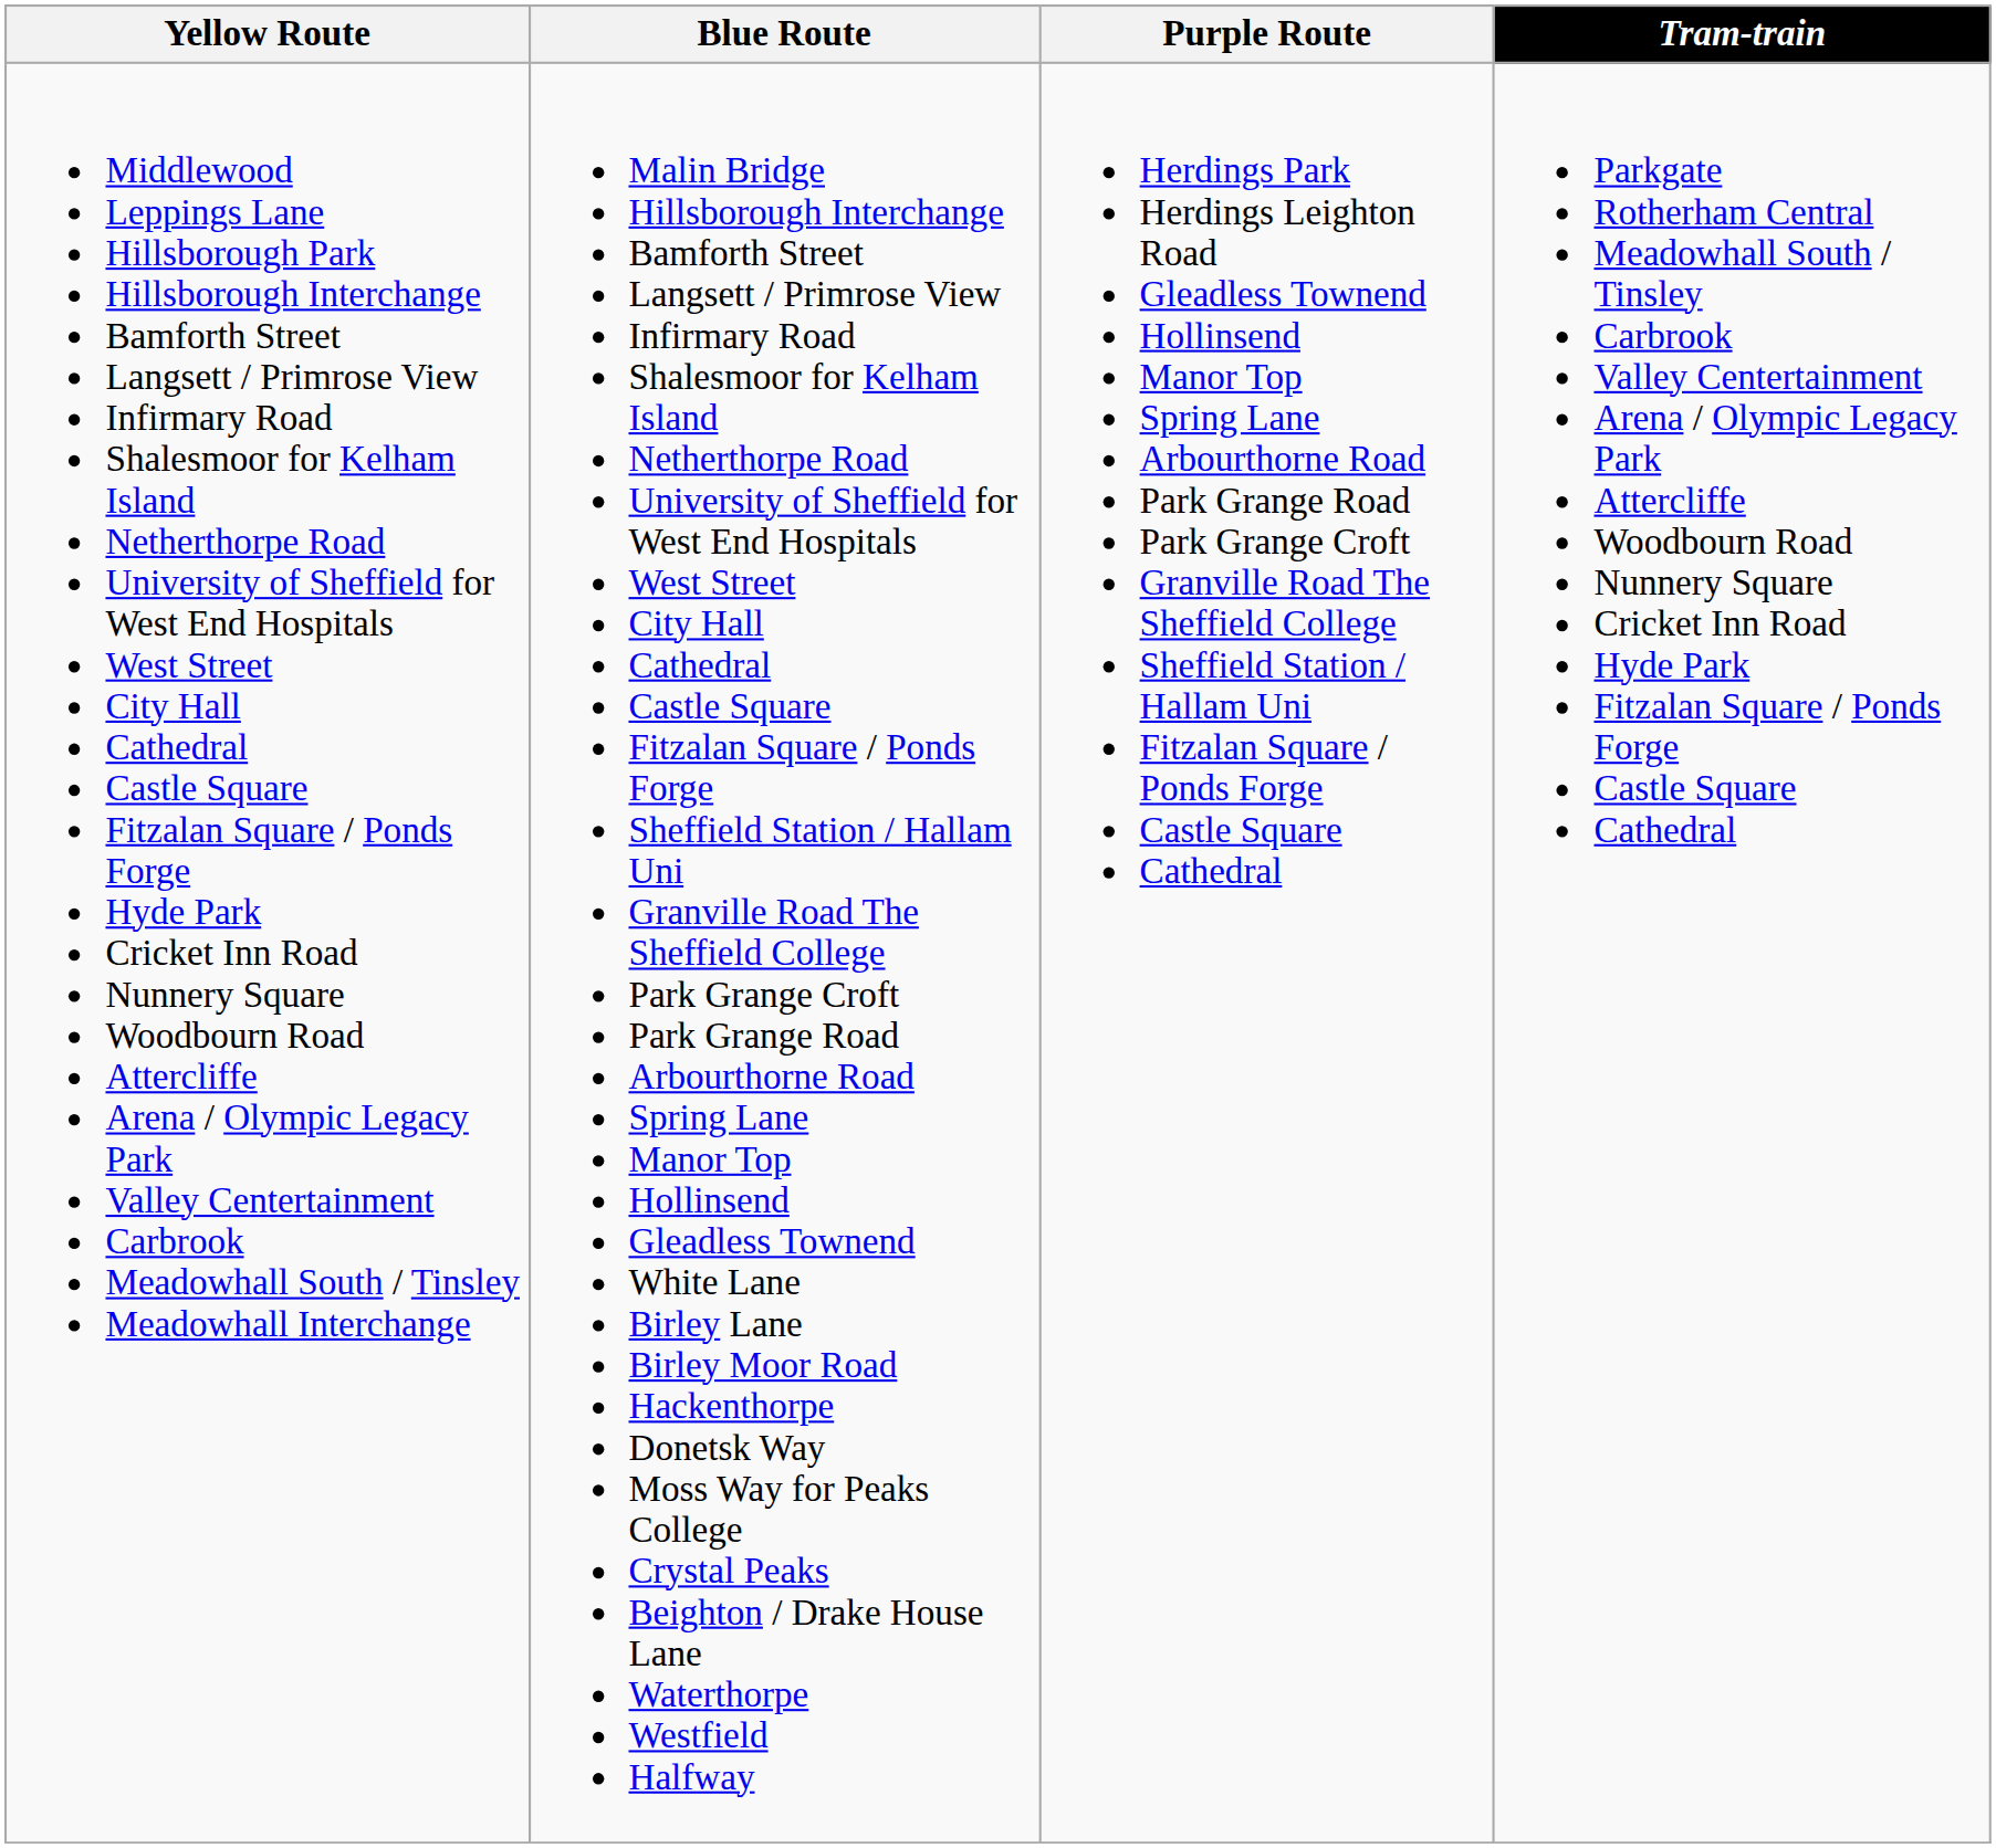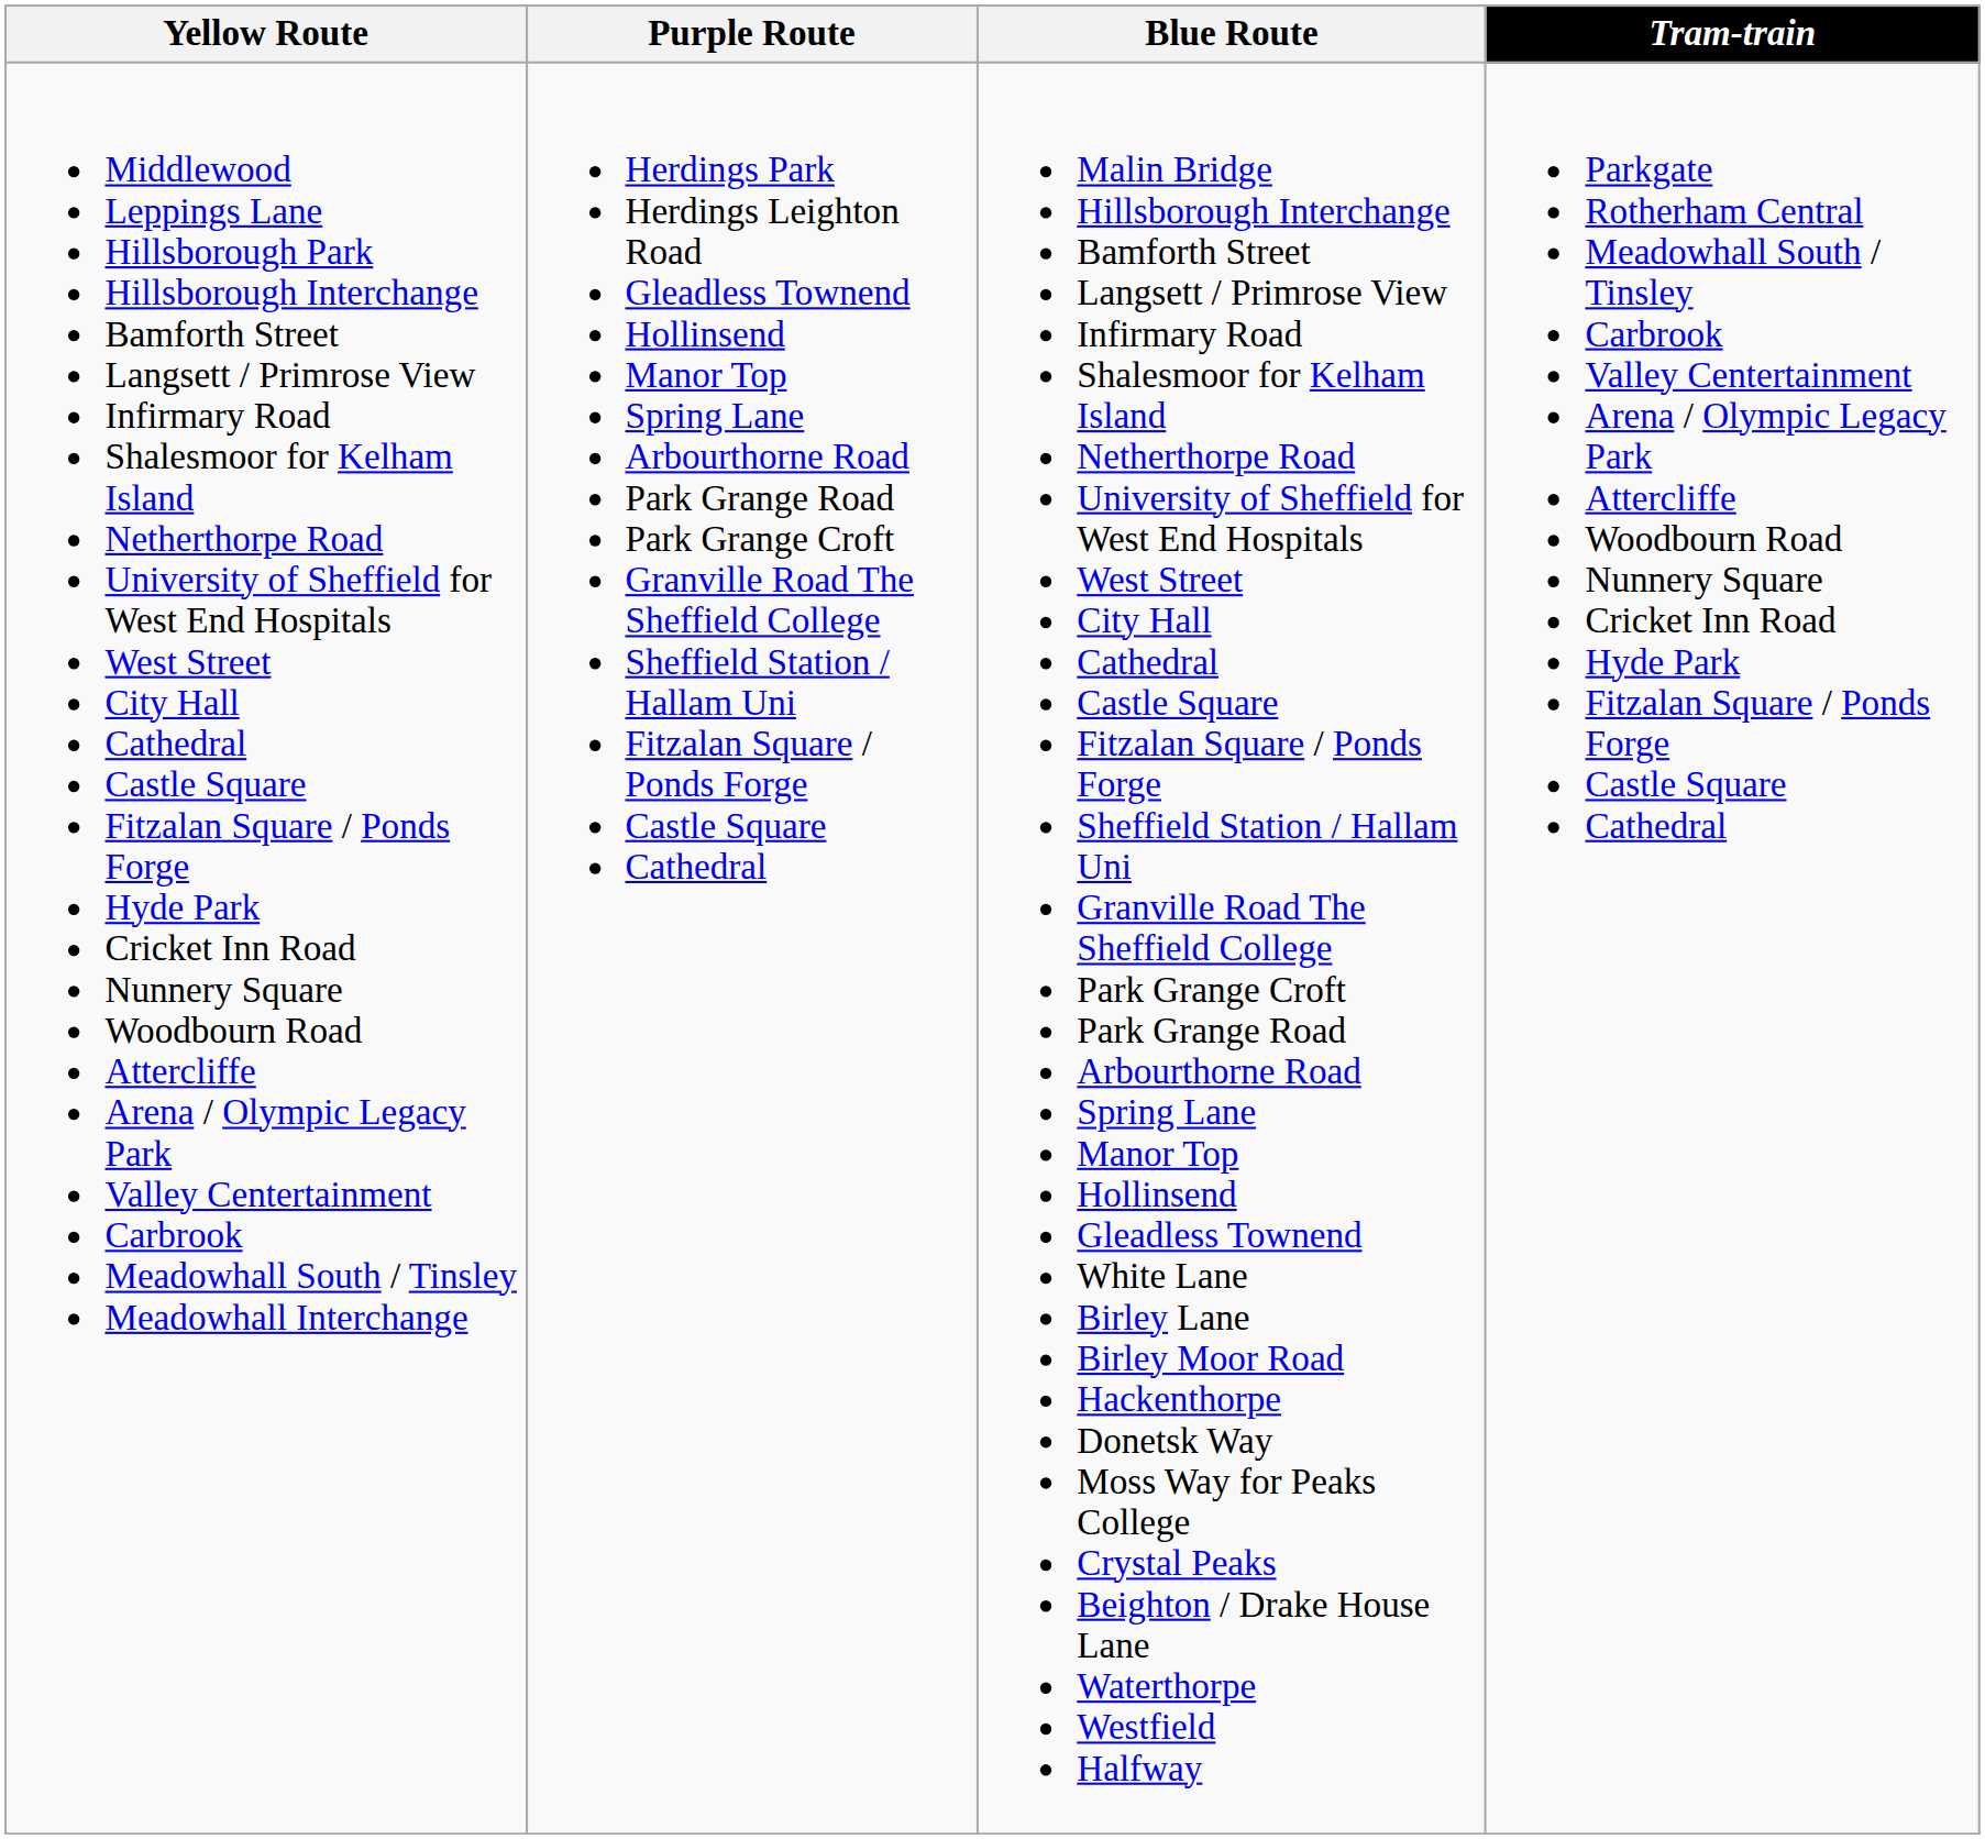 <table class="wikitable" style="border-collapse: collapse;" cellspacing="2" cellpadding="4" border="1">
 <tr>
 <th style="background: #">Yellow Route</th>
+<th style="background: #">Purple Route</th>
 <th style="background: #">Blue Route</th>
-<th style="background: #">Purple Route</th>
 <th style="background: #000000; color: white;" width="25%"><em>Tram-train</em></th>
 </tr>
 <tr>
 <td valign="top"><br><ul><li><a href='#'>Middlewood</a></li><li><a href='#'>Leppings Lane</a></li><li><a href='#'>Hillsborough Park</a></li><li><a href='#'>Hillsborough Interchange</a> </li><li>Bamforth Street</li><li>Langsett / Primrose View</li><li>Infirmary Road</li><li>Shalesmoor for <a href='#'>Kelham Island</a></li><li><a href='#'>Netherthorpe Road</a></li><li><a href='#'>University of Sheffield</a> for West End Hospitals</li><li><a href='#'>West Street</a></li><li><a href='#'>City Hall</a></li><li><a href='#'>Cathedral</a></li><li><a href='#'>Castle Square</a></li><li><a href='#'>Fitzalan Square</a> / <a href='#'>Ponds Forge</a> </li><li><a href='#'>Hyde Park</a></li><li>Cricket Inn Road</li><li>Nunnery Square</li><li>Woodbourn Road</li><li><a href='#'>Attercliffe</a></li><li><a href='#'>Arena</a> / <a href='#'>Olympic Legacy Park</a></li><li><a href='#'>Valley Centertainment</a></li><li><a href='#'>Carbrook</a></li><li><a href='#'>Meadowhall South</a> / <a href='#'>Tinsley</a></li><li><a href='#'>Meadowhall Interchange</a>  </li></ul></td>
+<td valign="top"><br><ul><li><a href='#'>Herdings Park</a></li><li>Herdings Leighton Road</li><li><a href='#'>Gleadless Townend</a></li><li><a href='#'>Hollinsend</a></li><li><a href='#'>Manor Top</a></li><li><a href='#'>Spring Lane</a></li><li><a href='#'>Arbourthorne Road</a></li><li>Park Grange Road</li><li>Park Grange Croft</li><li><a href='#'>Granville Road The Sheffield College</a></li><li><a href='#'>Sheffield Station / Hallam Uni</a> </li><li><a href='#'>Fitzalan Square</a> / <a href='#'>Ponds Forge</a> </li><li><a href='#'>Castle Square</a></li><li><a href='#'>Cathedral</a></li></ul></td>
 <td valign="top"><br><ul><li><a href='#'>Malin Bridge</a></li><li><a href='#'>Hillsborough Interchange</a> </li><li>Bamforth Street</li><li>Langsett / Primrose View</li><li>Infirmary Road</li><li>Shalesmoor for <a href='#'>Kelham Island</a></li><li><a href='#'>Netherthorpe Road</a></li><li><a href='#'>University of Sheffield</a> for West End Hospitals</li><li><a href='#'>West Street</a></li><li><a href='#'>City Hall</a></li><li><a href='#'>Cathedral</a></li><li><a href='#'>Castle Square</a></li><li><a href='#'>Fitzalan Square</a> / <a href='#'>Ponds Forge</a> </li><li><a href='#'>Sheffield Station / Hallam Uni</a> </li><li><a href='#'>Granville Road The Sheffield College</a></li><li>Park Grange Croft</li><li>Park Grange Road</li><li><a href='#'>Arbourthorne Road</a></li><li><a href='#'>Spring Lane</a></li><li><a href='#'>Manor Top</a></li><li><a href='#'>Hollinsend</a></li><li><a href='#'>Gleadless Townend</a></li><li>White Lane</li><li><a href='#'>Birley</a> Lane</li><li><a href='#'>Birley Moor Road</a></li><li><a href='#'>Hackenthorpe</a></li><li>Donetsk Way</li><li>Moss Way for Peaks College</li><li><a href='#'>Crystal Peaks</a> </li><li><a href='#'>Beighton</a> / Drake House Lane</li><li><a href='#'>Waterthorpe</a></li><li><a href='#'>Westfield</a></li><li><a href='#'>Halfway</a></li></ul></td>
-<td valign="top"><br><ul><li><a href='#'>Herdings Park</a></li><li>Herdings Leighton Road</li><li><a href='#'>Gleadless Townend</a></li><li><a href='#'>Hollinsend</a></li><li><a href='#'>Manor Top</a></li><li><a href='#'>Spring Lane</a></li><li><a href='#'>Arbourthorne Road</a></li><li>Park Grange Road</li><li>Park Grange Croft</li><li><a href='#'>Granville Road The Sheffield College</a></li><li><a href='#'>Sheffield Station / Hallam Uni</a> </li><li><a href='#'>Fitzalan Square</a> / <a href='#'>Ponds Forge</a> </li><li><a href='#'>Castle Square</a></li><li><a href='#'>Cathedral</a></li></ul></td>
 <td valign="top"><br><ul><li><a href='#'>Parkgate</a></li><li><a href='#'>Rotherham Central</a>  </li><li><a href='#'>Meadowhall South</a> / <a href='#'>Tinsley</a></li><li><a href='#'>Carbrook</a></li><li><a href='#'>Valley Centertainment</a></li><li><a href='#'>Arena</a> / <a href='#'>Olympic Legacy Park</a></li><li><a href='#'>Attercliffe</a></li><li>Woodbourn Road</li><li>Nunnery Square</li><li>Cricket Inn Road</li><li><a href='#'>Hyde Park</a></li><li><a href='#'>Fitzalan Square</a> / <a href='#'>Ponds Forge</a> </li><li><a href='#'>Castle Square</a></li><li><a href='#'>Cathedral</a></li></ul></td>
 </tr>
 </table>
